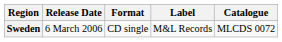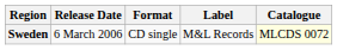 <table class="wikitable plainrowheaders">
 <tr>
 <th scope="col">Region</th>
 <th scope="col">Release Date</th>
 <th scope="col">Format</th>
 <th scope="col">Label</th>
 <th scope="col">Catalogue</th>
 </tr>
 <tr>
 <th scope="row" rowspan="9">Sweden</th>
 <td>6 March 2006</td>
 <td>CD single</td>
 <td>M&L Records</td>
-<td>MLCDS 0072</td>
+<td style="background: lightyellow;">MLCDS 0072</td>
 </tr>
 </table>
